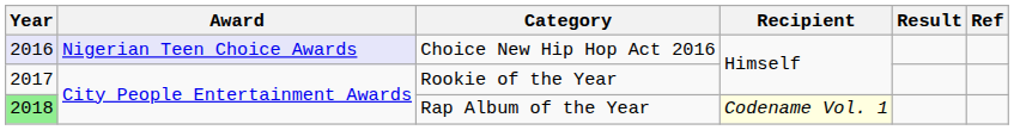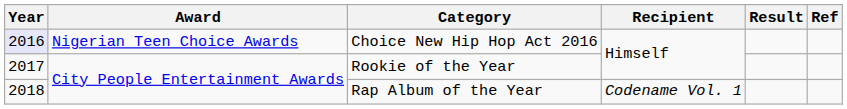 <table class="wikitable">
 <tr>
 <th>Year</th>
 <th>Award</th>
 <th>Category</th>
 <th>Recipient</th>
 <th>Result</th>
 <th>Ref</th>
 </tr>
 <tr>
 <td style="background: lavender;">2016</td>
-<td style="background: lavender;"><a href='#'>Nigerian Teen Choice Awards</a></td>
+<td><a href='#'>Nigerian Teen Choice Awards</a></td>
 <td>Choice New Hip Hop Act 2016</td>
 <td rowspan="2">Himself</td>
 <td></td>
 <td></td>
 </tr>
 <tr>
 <td>2017</td>
 <td rowspan="2"><a href='#'>City People Entertainment Awards</a></td>
 <td>Rookie of the Year</td>
 <td></td>
 <td></td>
 </tr>
 <tr>
-<td style="background: lightgreen;">2018</td>
+<td>2018</td>
 <td>Rap Album of the Year</td>
-<td style="background: lightyellow;"><em>Codename Vol. 1</em></td>
+<td><em>Codename Vol. 1</em></td>
 <td></td>
 <td></td>
 </tr>
 </table>
